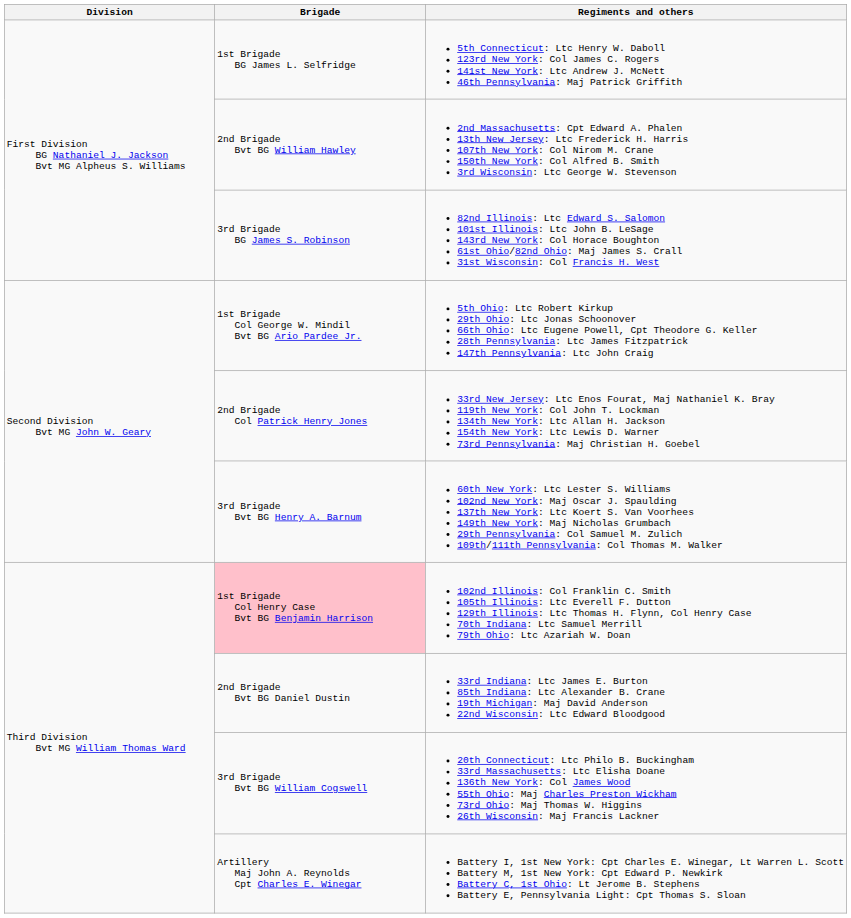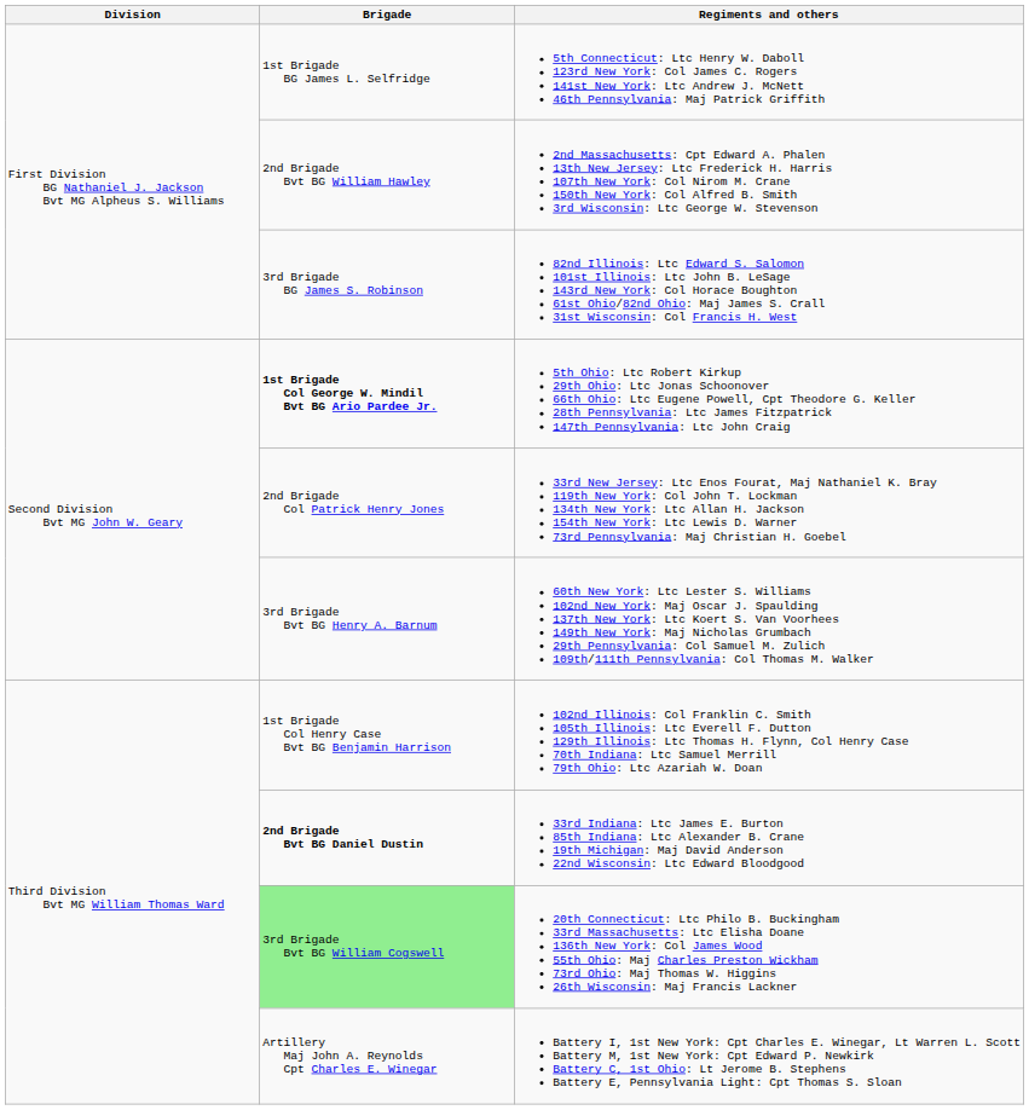 <table class="wikitable">
 <tr>
 <th width=25%>Division</th>
 <th width=25%>Brigade</th>
 <th>Regiments and others</th>
 </tr>
 <tr>
 <td rowspan=3><br>First Division <br>     BG <a href='#'>Nathaniel J. Jackson</a><br>     Bvt MG Alpheus S. Williams</td>
 <td>1st Brigade<br>   BG James L. Selfridge</td>
 <td><br><ul><li><a href='#'>5th Connecticut</a>: Ltc Henry W. Daboll</li><li><a href='#'>123rd New York</a>: Col James C. Rogers</li><li><a href='#'>141st New York</a>: Ltc Andrew J. McNett</li><li><a href='#'>46th Pennsylvania</a>: Maj Patrick Griffith</li></ul></td>
 </tr>
 <tr>
 <td>2nd Brigade<br>   Bvt BG <a href='#'>William Hawley</a></td>
 <td><br><ul><li><a href='#'>2nd Massachusetts</a>: Cpt Edward A. Phalen</li><li><a href='#'>13th New Jersey</a>: Ltc Frederick H. Harris</li><li><a href='#'>107th New York</a>: Col Nirom M. Crane</li><li><a href='#'>150th New York</a>: Col Alfred B. Smith</li><li><a href='#'>3rd Wisconsin</a>: Ltc George W. Stevenson</li></ul></td>
 </tr>
 <tr>
 <td>3rd Brigade<br>   BG <a href='#'>James S. Robinson</a></td>
 <td><br><ul><li><a href='#'>82nd Illinois</a>: Ltc <a href='#'>Edward S. Salomon</a></li><li><a href='#'>101st Illinois</a>: Ltc John B. LeSage</li><li><a href='#'>143rd New York</a>: Col Horace Boughton</li><li><a href='#'>61st Ohio</a>/<a href='#'>82nd Ohio</a>: Maj James S. Crall</li><li><a href='#'>31st Wisconsin</a>: Col <a href='#'>Francis H. West</a></li></ul></td>
 </tr>
 <tr>
 <td rowspan=3><br>Second Division <br>     Bvt MG <a href='#'>John W. Geary</a></td>
-<td>1st Brigade<br>   Col George W. Mindil<br>   Bvt BG <a href='#'>Ario Pardee Jr.</a></td>
+<td><strong>1st Brigade<br>   Col George W. Mindil<br>   Bvt BG <a href='#'>Ario Pardee Jr.</a></strong></td>
 <td><br><ul><li><a href='#'>5th Ohio</a>: Ltc Robert Kirkup</li><li><a href='#'>29th Ohio</a>: Ltc Jonas Schoonover</li><li><a href='#'>66th Ohio</a>: Ltc Eugene Powell, Cpt Theodore G. Keller</li><li><a href='#'>28th Pennsylvania</a>: Ltc James Fitzpatrick</li><li><a href='#'>147th Pennsylvania</a>: Ltc John Craig</li></ul></td>
 </tr>
 <tr>
 <td>2nd Brigade<br>   Col <a href='#'>Patrick Henry Jones</a></td>
 <td><br><ul><li><a href='#'>33rd New Jersey</a>: Ltc Enos Fourat, Maj Nathaniel K. Bray</li><li><a href='#'>119th New York</a>: Col John T. Lockman</li><li><a href='#'>134th New York</a>: Ltc Allan H. Jackson</li><li><a href='#'>154th New York</a>: Ltc Lewis D. Warner</li><li><a href='#'>73rd Pennsylvania</a>: Maj Christian H. Goebel</li></ul></td>
 </tr>
 <tr>
 <td>3rd Brigade<br>   Bvt BG <a href='#'>Henry A. Barnum</a></td>
 <td><br><ul><li><a href='#'>60th New York</a>: Ltc Lester S. Williams</li><li><a href='#'>102nd New York</a>: Maj Oscar J. Spaulding</li><li><a href='#'>137th New York</a>: Ltc Koert S. Van Voorhees</li><li><a href='#'>149th New York</a>: Maj Nicholas Grumbach</li><li><a href='#'>29th Pennsylvania</a>: Col Samuel M. Zulich</li><li><a href='#'>109th</a>/<a href='#'>111th Pennsylvania</a>: Col Thomas M. Walker</li></ul></td>
 </tr>
 <tr>
 <td rowspan=4><br>Third Division <br>     Bvt MG <a href='#'>William Thomas Ward</a></td>
-<td style="background: pink;">1st Brigade<br>   Col Henry Case<br>   Bvt BG <a href='#'>Benjamin Harrison</a></td>
+<td>1st Brigade<br>   Col Henry Case<br>   Bvt BG <a href='#'>Benjamin Harrison</a></td>
 <td><br><ul><li><a href='#'>102nd Illinois</a>: Col Franklin C. Smith</li><li><a href='#'>105th Illinois</a>: Ltc Everell F. Dutton</li><li><a href='#'>129th Illinois</a>: Ltc Thomas H. Flynn, Col Henry Case</li><li><a href='#'>70th Indiana</a>: Ltc Samuel Merrill</li><li><a href='#'>79th Ohio</a>: Ltc Azariah W. Doan</li></ul></td>
 </tr>
 <tr>
-<td>2nd Brigade<br>   Bvt BG Daniel Dustin</td>
+<td><strong>2nd Brigade<br>   Bvt BG Daniel Dustin</strong></td>
 <td><br><ul><li><a href='#'>33rd Indiana</a>: Ltc James E. Burton</li><li><a href='#'>85th Indiana</a>: Ltc Alexander B. Crane</li><li><a href='#'>19th Michigan</a>: Maj David Anderson</li><li><a href='#'>22nd Wisconsin</a>: Ltc Edward Bloodgood</li></ul></td>
 </tr>
 <tr>
-<td>3rd Brigade<br>   Bvt BG <a href='#'>William Cogswell</a></td>
+<td style="background: lightgreen;">3rd Brigade<br>   Bvt BG <a href='#'>William Cogswell</a></td>
 <td><br><ul><li><a href='#'>20th Connecticut</a>: Ltc Philo B. Buckingham</li><li><a href='#'>33rd Massachusetts</a>: Ltc Elisha Doane</li><li><a href='#'>136th New York</a>: Col <a href='#'>James Wood</a></li><li><a href='#'>55th Ohio</a>: Maj <a href='#'>Charles Preston Wickham</a></li><li><a href='#'>73rd Ohio</a>: Maj Thomas W. Higgins</li><li><a href='#'>26th Wisconsin</a>: Maj Francis Lackner</li></ul></td>
 </tr>
 <tr>
 <td>Artillery<br>   Maj John A. Reynolds<br>   Cpt <a href='#'>Charles E. Winegar</a></td>
 <td><br><ul><li>Battery I, 1st New York: Cpt Charles E. Winegar, Lt Warren L. Scott</li><li>Battery M, 1st New York: Cpt Edward P. Newkirk</li><li><a href='#'>Battery C, 1st Ohio</a>: Lt Jerome B. Stephens</li><li>Battery E, Pennsylvania Light: Cpt Thomas S. Sloan</li></ul></td>
 </tr>
 </table>
